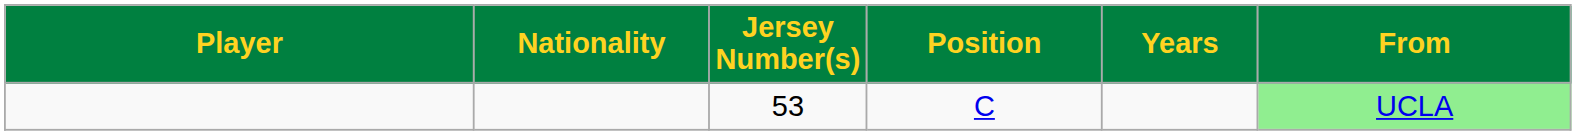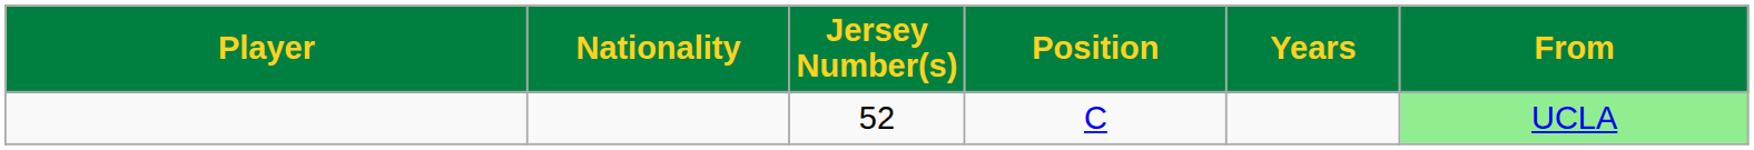 <table class="wikitable" style="text-align:center" width="98%">
 <tr>
 <th style="background:#008040;color:#FFD321;" width="30%">Player</th>
 <th style="background:#008040;color:#FFD321;" width="15%">Nationality</th>
 <th style="background:#008040;color:#FFD321;" width="10%">Jersey Number(s)</th>
 <th style="background:#008040;color:#FFD321;" width="15%">Position</th>
 <th style="background:#008040;color:#FFD321;" width="10%">Years</th>
 <th style="background:#008040;color:#FFD321;" width="20%">From</th>
 </tr>
 <tr>
 <td></td>
 <td></td>
-<td>53</td>
+<td>52</td>
 <td><a href='#'>C</a></td>
 <td></td>
 <td style="background: lightgreen;"><a href='#'>UCLA</a></td>
 </tr>
 </table>
